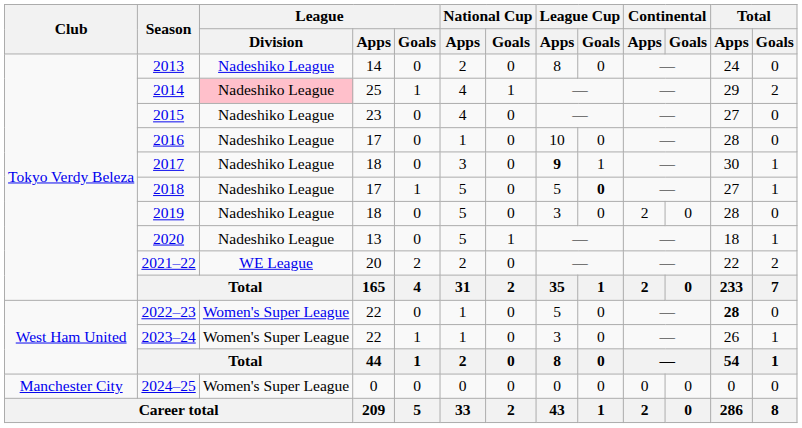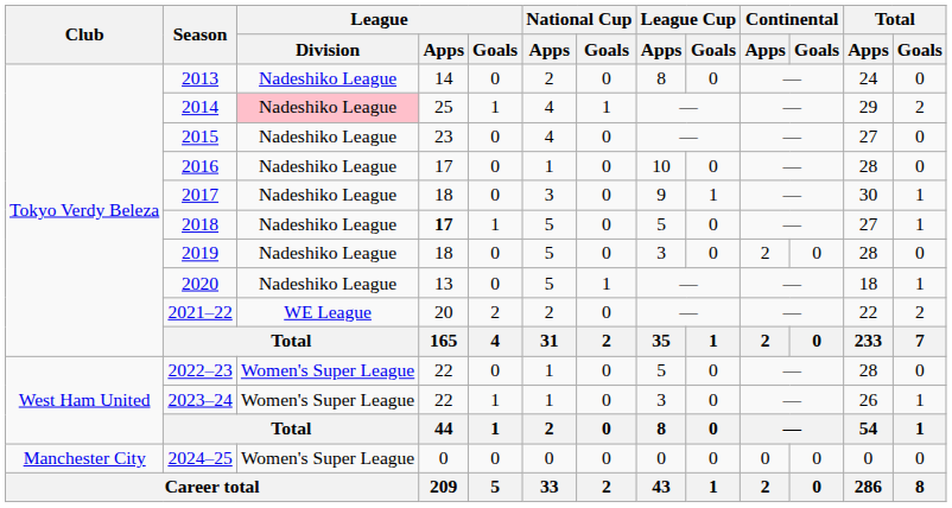 <table class="wikitable" style="text-align:center">
 <tr>
 <th rowspan="2">Club</th>
 <th rowspan="2">Season</th>
 <th colspan="3">League</th>
 <th colspan="2">National Cup</th>
 <th colspan="2">League Cup</th>
 <th colspan="2">Continental</th>
 <th colspan="2">Total</th>
 </tr>
 <tr>
 <th>Division</th>
 <th>Apps</th>
 <th>Goals</th>
 <th>Apps</th>
 <th>Goals</th>
 <th>Apps</th>
 <th>Goals</th>
 <th>Apps</th>
 <th>Goals</th>
 <th>Apps</th>
 <th>Goals</th>
 </tr>
 <tr>
 <td rowspan="10"><a href='#'>Tokyo Verdy Beleza</a></td>
 <td><a href='#'>2013</a></td>
 <td><a href='#'>Nadeshiko League</a></td>
 <td>14</td>
 <td>0</td>
 <td>2</td>
 <td>0</td>
 <td>8</td>
 <td>0</td>
 <td colspan="2">—</td>
 <td>24</td>
 <td>0</td>
 </tr>
 <tr>
 <td><a href='#'>2014</a></td>
 <td style="background: pink;">Nadeshiko League</td>
 <td>25</td>
 <td>1</td>
 <td>4</td>
 <td>1</td>
 <td colspan="2">—</td>
 <td colspan="2">—</td>
 <td>29</td>
 <td>2</td>
 </tr>
 <tr>
 <td><a href='#'>2015</a></td>
 <td>Nadeshiko League</td>
 <td>23</td>
 <td>0</td>
 <td>4</td>
 <td>0</td>
 <td colspan="2">—</td>
 <td colspan="2">—</td>
 <td>27</td>
 <td>0</td>
 </tr>
 <tr>
 <td><a href='#'>2016</a></td>
 <td>Nadeshiko League</td>
 <td>17</td>
 <td>0</td>
 <td>1</td>
 <td>0</td>
 <td>10</td>
 <td>0</td>
 <td colspan="2">—</td>
 <td>28</td>
 <td>0</td>
 </tr>
 <tr>
 <td><a href='#'>2017</a></td>
 <td>Nadeshiko League</td>
 <td>18</td>
 <td>0</td>
 <td>3</td>
 <td>0</td>
-<td><strong>9</strong></td>
+<td>9</td>
 <td>1</td>
 <td colspan="2">—</td>
 <td>30</td>
 <td>1</td>
 </tr>
 <tr>
 <td><a href='#'>2018</a></td>
 <td>Nadeshiko League</td>
-<td>17</td>
+<td><strong>17</strong></td>
 <td>1</td>
 <td>5</td>
 <td>0</td>
 <td>5</td>
-<td><strong>0</strong></td>
+<td>0</td>
 <td colspan="2">—</td>
 <td>27</td>
 <td>1</td>
 </tr>
 <tr>
 <td><a href='#'>2019</a></td>
 <td>Nadeshiko League</td>
 <td>18</td>
 <td>0</td>
 <td>5</td>
 <td>0</td>
 <td>3</td>
 <td>0</td>
 <td>2</td>
 <td>0</td>
 <td>28</td>
 <td>0</td>
 </tr>
 <tr>
 <td><a href='#'>2020</a></td>
 <td>Nadeshiko League</td>
 <td>13</td>
 <td>0</td>
 <td>5</td>
 <td>1</td>
 <td colspan="2">—</td>
 <td colspan="2">—</td>
 <td>18</td>
 <td>1</td>
 </tr>
 <tr>
 <td><a href='#'>2021–22</a></td>
 <td><a href='#'>WE League</a></td>
 <td>20</td>
 <td>2</td>
 <td>2</td>
 <td>0</td>
 <td colspan="2">—</td>
 <td colspan="2">—</td>
 <td>22</td>
 <td>2</td>
 </tr>
 <tr>
 <th colspan="2">Total</th>
 <th>165</th>
 <th>4</th>
 <th>31</th>
 <th>2</th>
 <th>35</th>
 <th>1</th>
 <th>2</th>
 <th>0</th>
 <th>233</th>
 <th>7</th>
 </tr>
 <tr>
 <td rowspan="3"><a href='#'>West Ham United</a></td>
 <td><a href='#'>2022–23</a></td>
 <td><a href='#'>Women's Super League</a></td>
 <td>22</td>
 <td>0</td>
 <td>1</td>
 <td>0</td>
 <td>5</td>
 <td>0</td>
 <td colspan="2">—</td>
-<td><strong>28</strong></td>
+<td>28</td>
 <td>0</td>
 </tr>
 <tr>
 <td><a href='#'>2023–24</a></td>
 <td>Women's Super League</td>
 <td>22</td>
 <td>1</td>
 <td>1</td>
 <td>0</td>
 <td>3</td>
 <td>0</td>
 <td colspan="2">—</td>
 <td>26</td>
 <td>1</td>
 </tr>
 <tr>
 <th colspan="2">Total</th>
 <th>44</th>
 <th>1</th>
 <th>2</th>
 <th>0</th>
 <th>8</th>
 <th>0</th>
 <th colspan="2">—</th>
 <th>54</th>
 <th>1</th>
 </tr>
 <tr>
 <td><a href='#'>Manchester City</a></td>
 <td><a href='#'>2024–25</a></td>
 <td>Women's Super League</td>
 <td>0</td>
 <td>0</td>
 <td>0</td>
 <td>0</td>
 <td>0</td>
 <td>0</td>
 <td>0</td>
 <td>0</td>
 <td>0</td>
 <td>0</td>
 </tr>
 <tr>
 <th colspan="3">Career total</th>
 <th>209</th>
 <th>5</th>
 <th>33</th>
 <th>2</th>
 <th>43</th>
 <th>1</th>
 <th>2</th>
 <th>0</th>
 <th>286</th>
 <th>8</th>
 </tr>
 </table>
